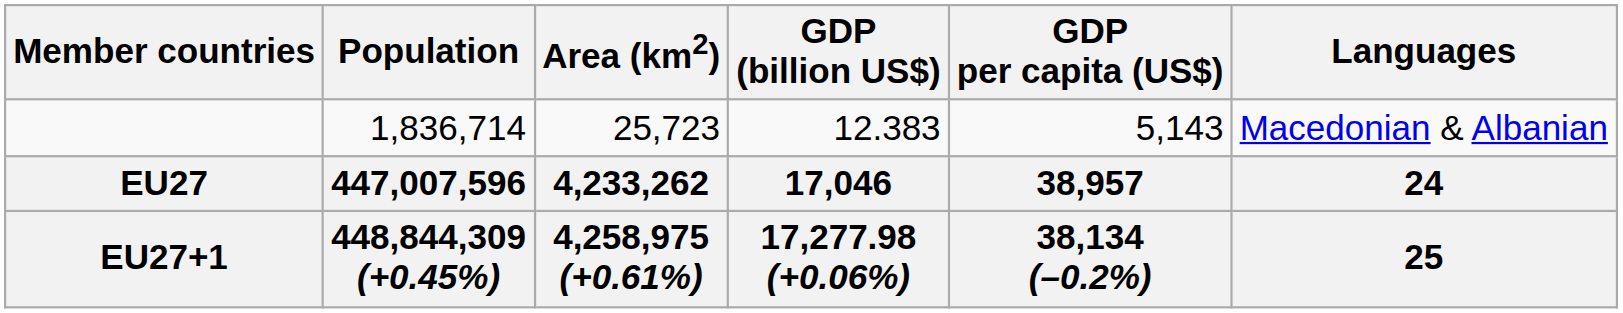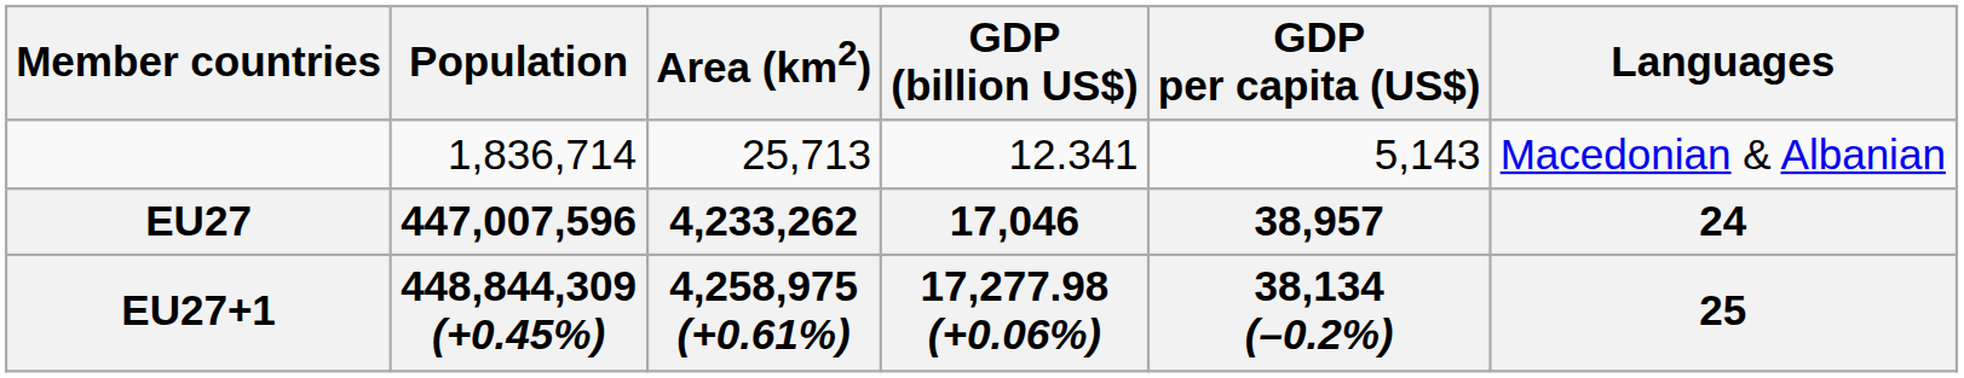 <table class="wikitable" style="text-align:right;">
 <tr>
 <th>Member countries</th>
 <th>Population</th>
 <th>Area (km<sup>2</sup>)</th>
 <th>GDP <br>(billion US$)</th>
 <th>GDP <br>per capita (US$)</th>
 <th>Languages</th>
 </tr>
 <tr>
 <td style="text-align:left;"></td>
 <td>1,836,714</td>
-<td>25,723</td>
-<td>12.383</td>
+<td>25,713</td>
+<td>12.341</td>
 <td>5,143</td>
 <td><a href='#'>Macedonian</a> & <a href='#'>Albanian</a></td>
 </tr>
 <tr>
 <th>EU27</th>
 <th>447,007,596</th>
 <th>4,233,262</th>
 <th>17,046</th>
 <th>38,957</th>
 <th>24</th>
 </tr>
 <tr>
 <th>EU27+1</th>
 <th>448,844,309 <br> <em>(+0.45%)</em></th>
 <th>4,258,975 <br> <em>(+0.61%)</em></th>
 <th>17,277.98 <br> <em>(+0.06%)</em></th>
 <th>38,134 <br> <em>(–0.2%)</em></th>
 <th>25</th>
 </tr>
 </table>
